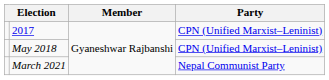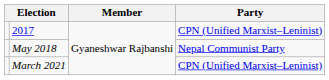 <table class="wikitable">
 <tr>
 <th colspan="2">Election</th>
 <th>Member</th>
 <th>Party</th>
 </tr>
 <tr>
 <td style="background-color:"></td>
 <td><a href='#'>2017</a></td>
 <td rowspan="3">Gyaneshwar Rajbanshi</td>
 <td><a href='#'>CPN (Unified Marxist–Leninist)</a></td>
 </tr>
 <tr>
 <td style="background-color:"></td>
 <td><em>May 2018</em></td>
-<td><a href='#'>CPN (Unified Marxist–Leninist)</a></td>
+<td><a href='#'>Nepal Communist Party</a></td>
 </tr>
 <tr>
 <td style="background-color:"></td>
 <td><em>March 2021</em></td>
-<td><a href='#'>Nepal Communist Party</a></td>
+<td><a href='#'>CPN (Unified Marxist–Leninist)</a></td>
 </tr>
 </table>
